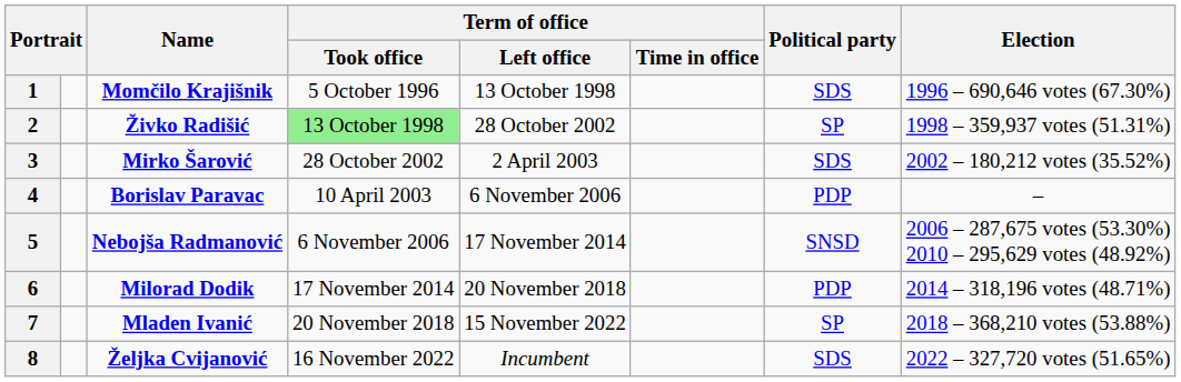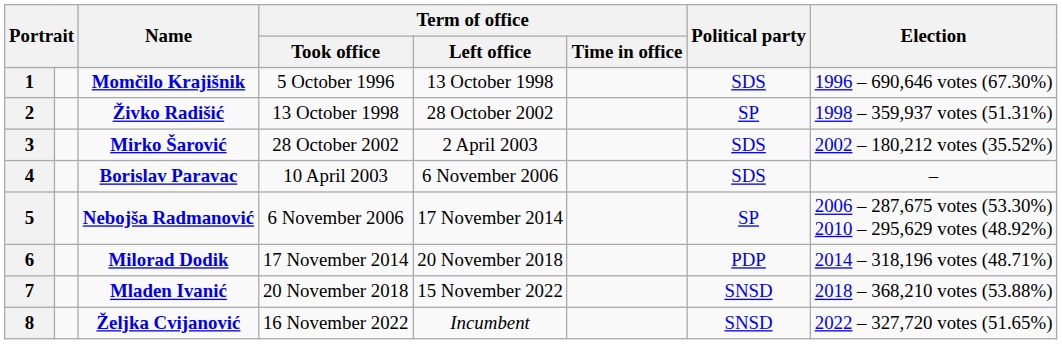 <table class="wikitable sortable" style="text-align: center;font-size:90%; border:1px #AAAAFF solid">
 <tr>
 <th rowspan=2 colspan=2>Portrait</th>
 <th rowspan=2>Name<br></th>
 <th colspan=3>Term of office</th>
 <th rowspan=2>Political party</th>
 <th rowspan=2>Election</th>
 </tr>
 <tr>
 <th>Took office</th>
 <th>Left office</th>
 <th>Time in office</th>
 </tr>
 <tr>
 <th style="background:">1</th>
 <td></td>
 <td><strong><a href='#'>Momčilo Krajišnik</a></strong><br></td>
 <td>5 October 1996</td>
 <td>13 October 1998</td>
 <td></td>
 <td><a href='#'>SDS</a></td>
 <td><a href='#'>1996</a> – 690,646 votes (67.30%)</td>
 </tr>
 <tr>
 <th style="background:">2</th>
 <td></td>
 <td><strong><a href='#'>Živko Radišić</a></strong><br></td>
-<td style="background: lightgreen;">13 October 1998</td>
+<td>13 October 1998</td>
 <td>28 October 2002</td>
 <td></td>
 <td><a href='#'>SP</a></td>
 <td><a href='#'>1998</a> – 359,937 votes (51.31%)</td>
 </tr>
 <tr>
 <th style="background:">3</th>
 <td></td>
 <td><strong><a href='#'>Mirko Šarović</a></strong><br></td>
 <td>28 October 2002</td>
 <td>2 April 2003</td>
 <td></td>
 <td><a href='#'>SDS</a></td>
 <td><a href='#'>2002</a> – 180,212 votes (35.52%)</td>
 </tr>
 <tr>
 <th style="background:">4</th>
 <td></td>
 <td><strong><a href='#'>Borislav Paravac</a></strong><br></td>
 <td>10 April 2003</td>
 <td>6 November 2006</td>
 <td></td>
-<td><a href='#'>PDP</a></td>
+<td><a href='#'>SDS</a></td>
 <td>–</td>
 </tr>
 <tr>
 <th style="background:">5</th>
 <td></td>
 <td><strong><a href='#'>Nebojša Radmanović</a></strong><br></td>
 <td>6 November 2006</td>
 <td>17 November 2014</td>
 <td></td>
-<td><a href='#'>SNSD</a></td>
+<td><a href='#'>SP</a></td>
 <td><a href='#'>2006</a> – 287,675 votes (53.30%)<br><a href='#'>2010</a> – 295,629 votes (48.92%)</td>
 </tr>
 <tr>
 <th style="background:">6</th>
 <td></td>
 <td><strong><a href='#'>Milorad Dodik</a></strong><br></td>
 <td>17 November 2014</td>
 <td>20 November 2018</td>
 <td></td>
 <td><a href='#'>PDP</a></td>
 <td><a href='#'>2014</a> – 318,196 votes (48.71%)</td>
 </tr>
 <tr>
 <th style="background:">7</th>
 <td></td>
 <td><strong><a href='#'>Mladen Ivanić</a></strong><br></td>
 <td>20 November 2018</td>
 <td>15 November 2022</td>
 <td></td>
-<td><a href='#'>SP</a></td>
+<td><a href='#'>SNSD</a></td>
 <td><a href='#'>2018</a> – 368,210 votes (53.88%)</td>
 </tr>
 <tr>
 <th style="background:">8</th>
 <td></td>
 <td><strong><a href='#'>Željka Cvijanović</a></strong><br></td>
 <td>16 November 2022</td>
 <td><em>Incumbent</em></td>
 <td></td>
-<td><a href='#'>SDS</a></td>
+<td><a href='#'>SNSD</a></td>
 <td><a href='#'>2022</a> – 327,720 votes (51.65%)</td>
 </tr>
 </table>
